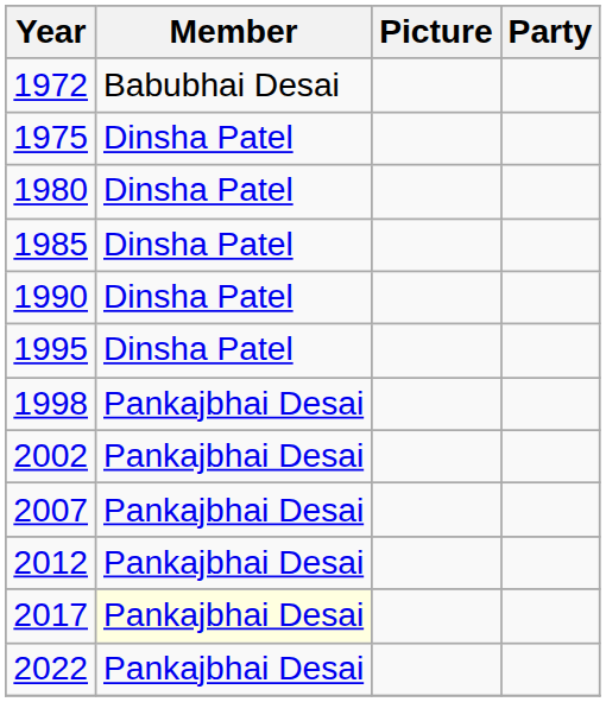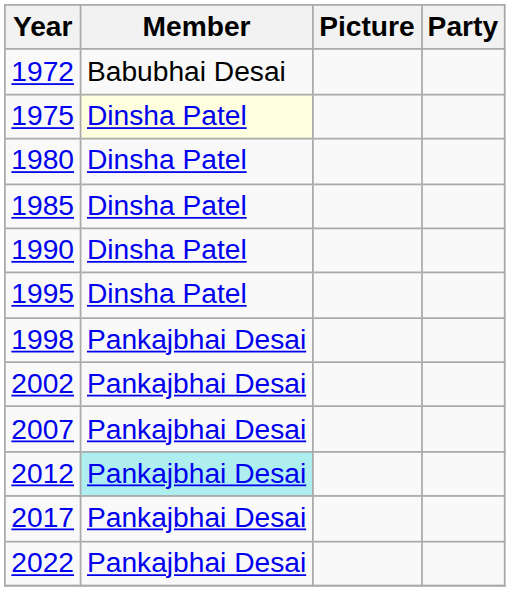 <table class="wikitable sortable">
 <tr>
 <th>Year</th>
 <th>Member</th>
 <th>Picture</th>
 <th colspan="2">Party</th>
 </tr>
 <tr>
 <td><a href='#'>1972</a></td>
 <td>Babubhai Desai</td>
 <td></td>
 <td></td>
 </tr>
 <tr>
 <td><a href='#'>1975</a></td>
-<td><a href='#'>Dinsha Patel</a></td>
+<td style="background: lightyellow;"><a href='#'>Dinsha Patel</a></td>
 <td></td>
 <td></td>
 </tr>
 <tr>
 <td><a href='#'>1980</a></td>
 <td><a href='#'>Dinsha Patel</a></td>
 <td></td>
 <td></td>
 </tr>
 <tr>
 <td><a href='#'>1985</a></td>
 <td><a href='#'>Dinsha Patel</a></td>
 <td></td>
 <td></td>
 </tr>
 <tr>
 <td><a href='#'>1990</a></td>
 <td><a href='#'>Dinsha Patel</a></td>
 <td></td>
 <td></td>
 </tr>
 <tr>
 <td><a href='#'>1995</a></td>
 <td><a href='#'>Dinsha Patel</a></td>
 <td></td>
 <td></td>
 </tr>
 <tr>
 <td><a href='#'>1998</a></td>
 <td><a href='#'>Pankajbhai Desai</a></td>
 <td></td>
 <td></td>
 </tr>
 <tr>
 <td><a href='#'>2002</a></td>
 <td><a href='#'>Pankajbhai Desai</a></td>
 <td></td>
 <td></td>
 </tr>
 <tr>
 <td><a href='#'>2007</a></td>
 <td><a href='#'>Pankajbhai Desai</a></td>
 <td></td>
 <td></td>
 </tr>
 <tr>
 <td><a href='#'>2012</a></td>
-<td><a href='#'>Pankajbhai Desai</a></td>
+<td style="background: paleturquoise;"><a href='#'>Pankajbhai Desai</a></td>
 <td></td>
 <td></td>
 </tr>
 <tr>
 <td><a href='#'>2017</a></td>
-<td style="background: lightyellow;"><a href='#'>Pankajbhai Desai</a></td>
+<td><a href='#'>Pankajbhai Desai</a></td>
 <td></td>
 <td></td>
 </tr>
 <tr>
 <td><a href='#'>2022</a></td>
 <td><a href='#'>Pankajbhai Desai</a></td>
 <td></td>
 <td></td>
 </tr>
 <tr>
 </tr>
 </table>
